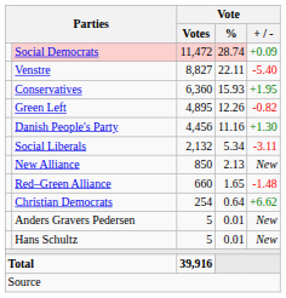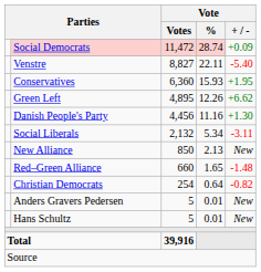 <table class="wikitable" style="text-align:right;">
 <tr>
 <th style="text-align:centre;" rowspan="2" colspan="2" width="225">Parties</th>
 <th colspan="3">Vote</th>
 </tr>
 <tr>
 <th width="15">Votes</th>
 <th width="15">%</th>
 <th width="15">+ / -</th>
 </tr>
 <tr>
 <td width="2" style="color:inherit;background:"></td>
 <td bgcolor=#fbd0ce  align="left"><a href='#'>Social Democrats</a></td>
 <td bgcolor=#fbd0ce>11,472</td>
 <td bgcolor=#fbd0ce>28.74</td>
 <td style=color:green;>+0.09</td>
 </tr>
 <tr>
 <td width="2" style="color:inherit;background:"></td>
 <td align="left"><a href='#'>Venstre</a></td>
 <td>8,827</td>
 <td>22.11</td>
 <td style=color:red;>-5.40</td>
 </tr>
 <tr>
 <td width="2" style="color:inherit;background:"></td>
 <td align="left"><a href='#'>Conservatives</a></td>
 <td>6,360</td>
 <td>15.93</td>
 <td style=color:green;>+1.95</td>
 </tr>
 <tr>
 <td width="2" style="color:inherit;background:"></td>
 <td align="left"><a href='#'>Green Left</a></td>
 <td>4,895</td>
 <td>12.26</td>
-<td style=color:red;>-0.82</td>
+<td style=color:green;>+6.62</td>
 </tr>
 <tr>
 <td width="2" style="color:inherit;background:"></td>
 <td align="left"><a href='#'>Danish People's Party</a></td>
 <td>4,456</td>
 <td>11.16</td>
 <td style=color:green;>+1.30</td>
 </tr>
 <tr>
 <td width="2" style="color:inherit;background:"></td>
 <td align="left"><a href='#'>Social Liberals</a></td>
 <td>2,132</td>
 <td>5.34</td>
 <td style=color:red;>-3.11</td>
 </tr>
 <tr>
 <td width="2" style="color:inherit;background:"></td>
 <td align="left"><a href='#'>New Alliance</a></td>
 <td>850</td>
 <td>2.13</td>
 <td><em>New</em></td>
 </tr>
 <tr>
 <td width="2" style="color:inherit;background:"></td>
 <td align="left"><a href='#'>Red–Green Alliance</a></td>
 <td>660</td>
 <td>1.65</td>
 <td style=color:red;>-1.48</td>
 </tr>
 <tr>
 <td width="2" style="color:inherit;background:"></td>
 <td align="left"><a href='#'>Christian Democrats</a></td>
 <td>254</td>
 <td>0.64</td>
-<td style=color:green;>+6.62</td>
+<td style=color:red;>-0.82</td>
 </tr>
 <tr>
 <td width="2" style="color:inherit;background:"></td>
 <td align="left">Anders Gravers Pedersen</td>
 <td>5</td>
 <td>0.01</td>
 <td><em>New</em></td>
 </tr>
 <tr>
 <td width="2" style="color:inherit;background:"></td>
 <td align="left">Hans Schultz</td>
 <td>5</td>
 <td>0.01</td>
 <td><em>New</em></td>
 </tr>
 <tr>
 <td colspan="7" bgcolor="#E9E9E9"></td>
 </tr>
 <tr>
 <td align="left" colspan="2"><strong>Total</strong></td>
 <td><strong>39,916</strong></td>
 <td bgcolor="#E9E9E9" colspan="2"></td>
 </tr>
 <tr>
 <td align="left" colspan="6">Source</td>
 </tr>
 </table>
